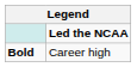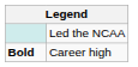 <table class="wikitable">
 <tr>
 <th colspan="2">Legend</th>
 </tr>
 <tr>
 <td style="background:#cfecec; width:3em;"></td>
-<td><strong>Led the NCAA</strong></td>
+<td>Led the NCAA</td>
 </tr>
 <tr>
 <td><strong>Bold</strong></td>
 <td>Career high</td>
 </tr>
 </table>
